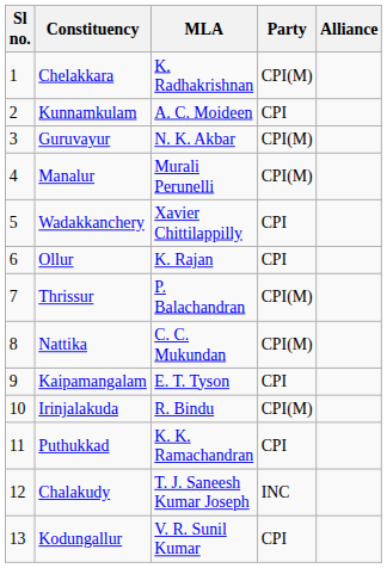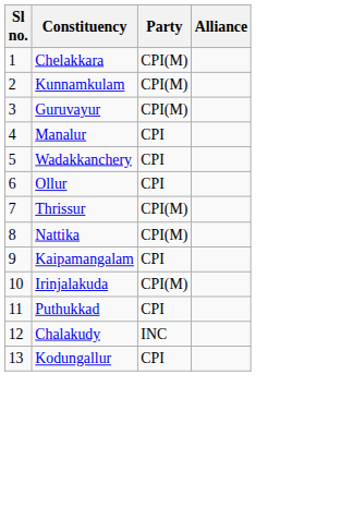 <table class="wikitable sortable" style="font-size:95%;">
 <tr>
 <th width="20px">Sl no.</th>
 <th width="75px">Constituency</th>
-<th width="85px">MLA</th>
 <th width="35px">Party</th>
 <th width="35px">Alliance</th>
 </tr>
 <tr>
 <td>1</td>
 <td><a href='#'>Chelakkara</a></td>
-<td><a href='#'>K. Radhakrishnan</a></td>
 <td style="background:">CPI(M)</td>
 <td></td>
 </tr>
 <tr>
 <td>2</td>
 <td><a href='#'>Kunnamkulam</a></td>
-<td><a href='#'>A. C. Moideen</a></td>
-<td style="background:">CPI</td>
+<td style="background:">CPI(M)</td>
 <td></td>
 </tr>
 <tr>
 <td>3</td>
 <td><a href='#'>Guruvayur</a></td>
-<td><a href='#'>N. K. Akbar</a></td>
 <td style="background:">CPI(M)</td>
 <td></td>
 </tr>
 <tr>
 <td>4</td>
 <td><a href='#'>Manalur</a></td>
-<td><a href='#'>Murali Perunelli</a></td>
-<td style="background:">CPI(M)</td>
+<td style="background:">CPI</td>
 <td></td>
 </tr>
 <tr>
 <td>5</td>
 <td><a href='#'>Wadakkanchery</a></td>
-<td><a href='#'>Xavier Chittilappilly</a></td>
 <td style="background:">CPI</td>
 <td></td>
 </tr>
 <tr>
 <td>6</td>
 <td><a href='#'>Ollur</a></td>
-<td><a href='#'>K. Rajan</a></td>
 <td style="background:">CPI</td>
 <td></td>
 </tr>
 <tr>
 <td>7</td>
 <td><a href='#'>Thrissur</a></td>
-<td><a href='#'>P. Balachandran</a></td>
 <td style="background:">CPI(M)</td>
 <td></td>
 </tr>
 <tr>
 <td>8</td>
 <td><a href='#'>Nattika</a></td>
-<td><a href='#'>C. C. Mukundan</a></td>
 <td style="background:">CPI(M)</td>
 <td></td>
 </tr>
 <tr>
 <td>9</td>
 <td><a href='#'>Kaipamangalam</a></td>
-<td><a href='#'>E. T. Tyson</a></td>
 <td style="background:">CPI</td>
 <td></td>
 </tr>
 <tr>
 <td>10</td>
 <td><a href='#'>Irinjalakuda</a></td>
-<td><a href='#'>R. Bindu</a></td>
 <td style="background:">CPI(M)</td>
 <td></td>
 </tr>
 <tr>
 <td>11</td>
 <td><a href='#'>Puthukkad</a></td>
-<td><a href='#'>K. K. Ramachandran</a></td>
 <td style="background:">CPI</td>
 <td></td>
 </tr>
 <tr>
 <td>12</td>
 <td><a href='#'>Chalakudy</a></td>
-<td><a href='#'>T. J. Saneesh Kumar Joseph</a></td>
 <td style="background-color:">INC</td>
 <td></td>
 </tr>
 <tr>
 <td>13</td>
 <td><a href='#'>Kodungallur</a></td>
-<td><a href='#'>V. R. Sunil Kumar</a></td>
 <td style="background:">CPI</td>
 <td></td>
 </tr>
 </table>
